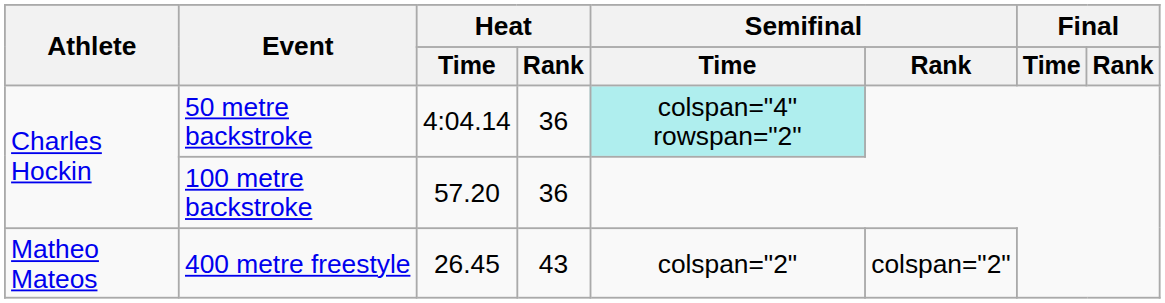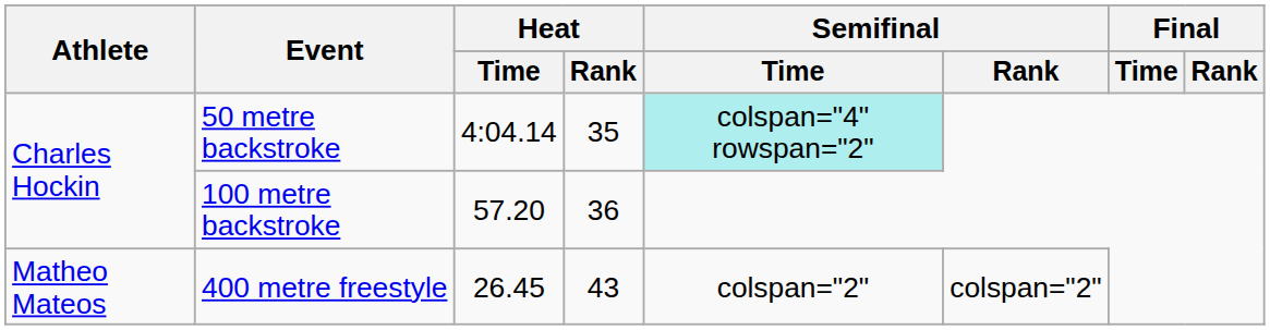 <table class="wikitable" style="text-align:center; font-size:90%; width:50%;">
 <tr>
 <th rowspan="2">Athlete</th>
 <th rowspan="2">Event</th>
 <th colspan="2">Heat</th>
 <th colspan="2">Semifinal</th>
 <th colspan="2">Final</th>
 </tr>
 <tr style="font-size:95%">
 <th>Time</th>
 <th>Rank</th>
 <th>Time</th>
 <th>Rank</th>
 <th>Time</th>
 <th>Rank</th>
 </tr>
 <tr align=center>
 <td align=left rowspan="2"><a href='#'>Charles Hockin</a></td>
 <td align=left><a href='#'>50 metre backstroke</a></td>
 <td>4:04.14</td>
-<td>36</td>
+<td>35</td>
 <td style="background: paleturquoise;">colspan="4" rowspan="2"</td>
 </tr>
 <tr align=center>
 <td align=left><a href='#'>100 metre backstroke</a></td>
 <td>57.20</td>
 <td>36</td>
 </tr>
 <tr align=center>
 <td align=left><a href='#'>Matheo Mateos</a></td>
 <td align=left><a href='#'>400 metre freestyle</a></td>
 <td>26.45</td>
 <td>43</td>
 <td>colspan="2" </td>
 <td>colspan="2" </td>
 </tr>
 </table>
